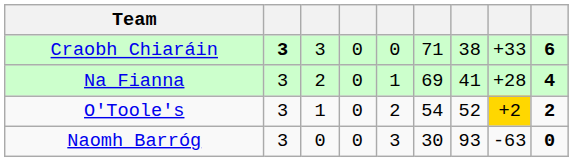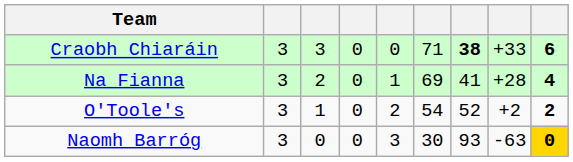 <table class="wikitable" style="text-align:center">
 <tr>
 <th style="width:175px;">Team</th>
 <th width="20"></th>
 <th width="20"></th>
 <th width="20"></th>
 <th width="20"></th>
 <th width="20"></th>
 <th width="20"></th>
 <th width="20"></th>
 <th width="20"></th>
 </tr>
 <tr style="background:#cfc;">
 <td><a href='#'>Craobh Chiaráin</a></td>
-<td><strong>3</strong></td>
+<td>3</td>
 <td>3</td>
 <td>0</td>
 <td>0</td>
 <td>71</td>
-<td>38</td>
+<td><strong>38</strong></td>
 <td>+33</td>
 <td><strong>6</strong></td>
 </tr>
 <tr style="background:#cfc;">
 <td><a href='#'>Na Fianna</a></td>
 <td>3</td>
 <td>2</td>
 <td>0</td>
 <td>1</td>
 <td>69</td>
 <td>41</td>
 <td>+28</td>
 <td><strong>4</strong></td>
 </tr>
 <tr>
 <td><a href='#'>O'Toole's</a></td>
 <td>3</td>
 <td>1</td>
 <td>0</td>
 <td>2</td>
 <td>54</td>
 <td>52</td>
-<td style="background: gold;">+2</td>
+<td>+2</td>
 <td><strong>2</strong></td>
 </tr>
 <tr>
 <td><a href='#'>Naomh Barróg</a></td>
 <td>3</td>
 <td>0</td>
 <td>0</td>
 <td>3</td>
 <td>30</td>
 <td>93</td>
 <td>-63</td>
-<td><strong>0</strong></td>
+<td style="background: gold;"><strong>0</strong></td>
 </tr>
 </table>
